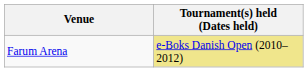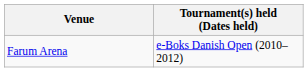 <table class=wikitable>
 <tr>
 <th width=200>Venue</th>
 <th width=200>Tournament(s) held<br>(Dates held)</th>
 </tr>
 <tr>
 <td><a href='#'>Farum Arena</a></td>
-<td style="background: khaki;"><a href='#'>e-Boks Danish Open</a> (2010–2012)</td>
+<td><a href='#'>e-Boks Danish Open</a> (2010–2012)</td>
 </tr>
 </table>
